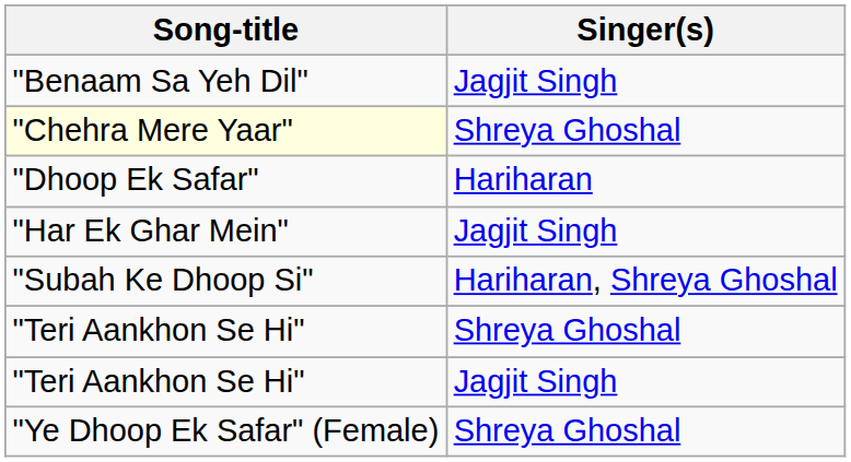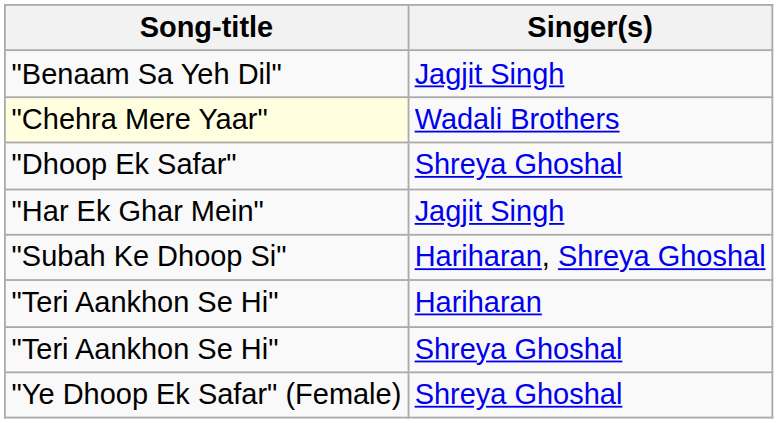 <table class="wikitable">
 <tr>
 <th>Song-title</th>
 <th>Singer(s)</th>
 </tr>
 <tr>
 <td>"Benaam Sa Yeh Dil"</td>
 <td><a href='#'>Jagjit Singh</a></td>
 </tr>
 <tr>
 <td style="background: lightyellow;">"Chehra Mere Yaar"</td>
-<td><a href='#'>Shreya Ghoshal</a></td>
+<td><a href='#'>Wadali Brothers</a></td>
 </tr>
 <tr>
 <td>"Dhoop Ek Safar"</td>
-<td><a href='#'>Hariharan</a></td>
+<td><a href='#'>Shreya Ghoshal</a></td>
 </tr>
 <tr>
 <td>"Har Ek Ghar Mein"</td>
 <td><a href='#'>Jagjit Singh</a></td>
 </tr>
 <tr>
 <td>"Subah Ke Dhoop Si"</td>
 <td><a href='#'>Hariharan</a>, <a href='#'>Shreya Ghoshal</a></td>
 </tr>
 <tr>
 <td>"Teri Aankhon Se Hi"</td>
-<td><a href='#'>Shreya Ghoshal</a></td>
+<td><a href='#'>Hariharan</a></td>
 </tr>
 <tr>
 <td>"Teri Aankhon Se Hi"</td>
-<td><a href='#'>Jagjit Singh</a></td>
+<td><a href='#'>Shreya Ghoshal</a></td>
 </tr>
 <tr>
 <td>"Ye Dhoop Ek Safar" (Female)</td>
 <td><a href='#'>Shreya Ghoshal</a></td>
 </tr>
 </table>
